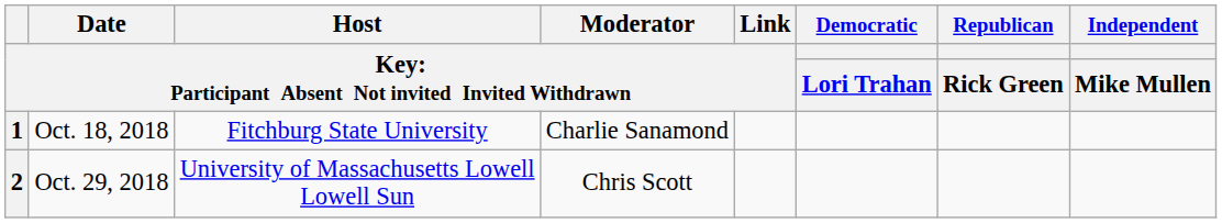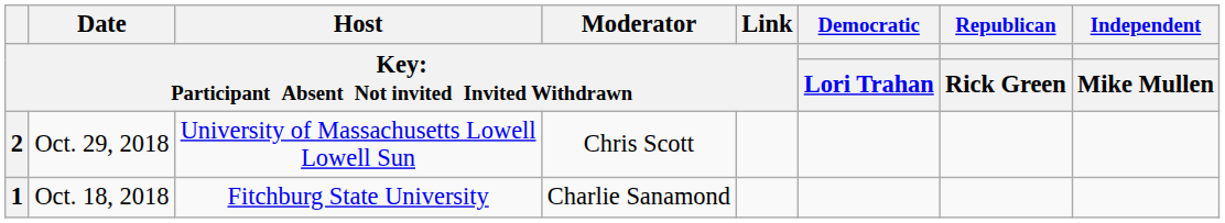 <table class="wikitable" style="text-align:center;">
 <tr>
 <th scope="col"></th>
 <th scope="col">Date</th>
 <th scope="col">Host</th>
 <th scope="col">Moderator</th>
 <th scope="col">Link</th>
 <th scope="col"><small><a href='#'>Democratic</a></small></th>
 <th scope="col"><small><a href='#'>Republican</a></small></th>
 <th scope="col"><small><a href='#'>Independent</a></small></th>
 </tr>
 <tr>
 <th colspan="5" rowspan="2">Key:<br> <small>Participant </small>  <small>Absent </small>  <small>Not invited </small>  <small>Invited  Withdrawn</small></th>
 <th scope="col" style="background:"></th>
 <th scope="col" style="background:"></th>
 <th scope="col" style="background:"></th>
 </tr>
 <tr>
 <th scope="col"><a href='#'>Lori Trahan</a></th>
 <th scope="col">Rick Green</th>
 <th scope="col">Mike Mullen</th>
 </tr>
 <tr>
+<th>2</th>
+<td style="white-space:nowrap;">Oct. 29, 2018</td>
+<td style="white-space:nowrap;"><a href='#'>University of Massachusetts Lowell</a><br><a href='#'>Lowell Sun</a></td>
+<td style="white-space:nowrap;">Chris Scott</td>
+<td style="white-space:nowrap;"></td>
+<td></td>
+<td></td>
+<td></td>
+</tr>
+<tr>
 <th>1</th>
 <td style="white-space:nowrap;">Oct. 18, 2018</td>
 <td style="white-space:nowrap;"><a href='#'>Fitchburg State University</a></td>
 <td style="white-space:nowrap;">Charlie Sanamond</td>
 <td style="white-space:nowrap;"></td>
 <td></td>
 <td></td>
 <td></td>
 </tr>
-<tr>
-<th>2</th>
-<td style="white-space:nowrap;">Oct. 29, 2018</td>
-<td style="white-space:nowrap;"><a href='#'>University of Massachusetts Lowell</a><br><a href='#'>Lowell Sun</a></td>
-<td style="white-space:nowrap;">Chris Scott</td>
-<td style="white-space:nowrap;"></td>
-<td></td>
-<td></td>
-<td></td>
-</tr>
 </table>
